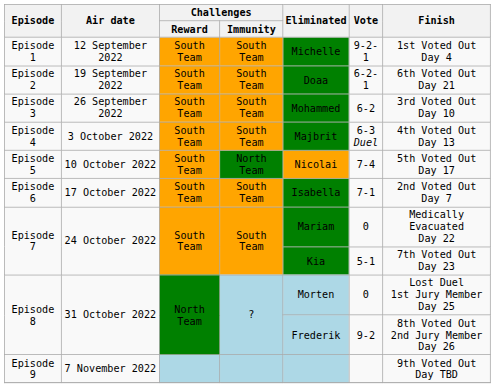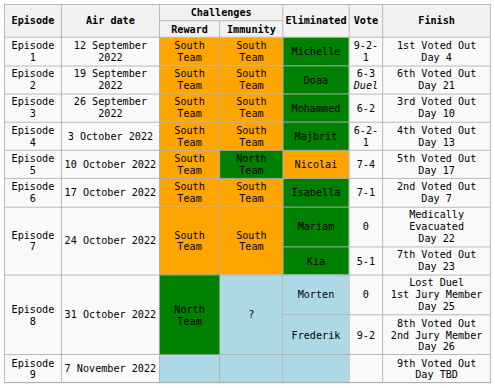 <table class="wikitable" style="margin:auto; text-align:center">
 <tr>
 <th rowspan="2">Episode</th>
 <th rowspan="2">Air date</th>
 <th colspan="2">Challenges</th>
 <th rowspan="2">Eliminated</th>
 <th rowspan="2">Vote</th>
 <th rowspan="2">Finish</th>
 </tr>
 <tr>
 <th>Reward</th>
 <th>Immunity</th>
 </tr>
 <tr>
 <td>Episode 1</td>
 <td>12 September 2022</td>
 <td bgcolor="orange">South Team</td>
 <td bgcolor="orange">South Team</td>
 <td bgcolor="green">Michelle</td>
 <td>9-2-1</td>
 <td>1st Voted Out<br>Day 4</td>
 </tr>
 <tr>
 <td>Episode 2</td>
 <td>19 September 2022</td>
 <td bgcolor="orange">South Team</td>
 <td bgcolor="orange">South Team</td>
 <td bgcolor="green">Doaa</td>
-<td>6-2-1</td>
+<td>6-3<br><em>Duel</em></td>
 <td>6th Voted Out<br>Day 21</td>
 </tr>
 <tr>
 <td>Episode 3</td>
 <td>26 September 2022</td>
 <td bgcolor="orange">South Team</td>
 <td bgcolor="orange">South Team</td>
 <td bgcolor="green">Mohammed</td>
 <td>6-2</td>
 <td>3rd Voted Out<br>Day 10</td>
 </tr>
 <tr>
 <td>Episode 4</td>
 <td>3 October 2022</td>
 <td bgcolor="orange">South Team</td>
 <td bgcolor="orange">South Team</td>
 <td bgcolor="green">Majbrit</td>
-<td>6-3<br><em>Duel</em></td>
+<td>6-2-1</td>
 <td>4th Voted Out<br>Day 13</td>
 </tr>
 <tr>
 <td>Episode 5</td>
 <td>10 October 2022</td>
 <td bgcolor="orange">South Team</td>
 <td bgcolor="green">North Team</td>
 <td bgcolor="orange">Nicolai</td>
 <td>7-4</td>
 <td>5th Voted Out<br>Day 17</td>
 </tr>
 <tr>
 <td>Episode 6</td>
 <td>17 October 2022</td>
 <td bgcolor="orange">South Team</td>
 <td bgcolor="orange">South Team</td>
 <td bgcolor="green">Isabella</td>
 <td>7-1</td>
 <td>2nd Voted Out<br>Day 7</td>
 </tr>
 <tr>
 <td rowspan="2">Episode 7</td>
 <td rowspan="2">24 October 2022</td>
 <td rowspan="2" bgcolor="orange">South Team</td>
 <td rowspan="2" bgcolor="orange">South Team</td>
 <td rowspan="1" bgcolor="green">Mariam</td>
 <td rowspan="1">0</td>
 <td rowspan="1">Medically Evacuated<br>Day 22</td>
 </tr>
 <tr>
 <td rowspan="1" bgcolor="green">Kia</td>
 <td rowspan="1">5-1</td>
 <td rowspan="1">7th Voted Out<br>Day 23</td>
 </tr>
 <tr>
 <td rowspan="2">Episode 8</td>
 <td rowspan="2">31 October 2022</td>
 <td rowspan="2" bgcolor="green">North Team</td>
 <td rowspan="2" bgcolor="lightblue">?</td>
 <td rowspan="1" bgcolor="lightblue">Morten</td>
 <td rowspan="1">0</td>
 <td rowspan="1">Lost Duel<br>1st Jury Member<br>Day 25</td>
 </tr>
 <tr>
 <td rowspan="1" bgcolor="lightblue">Frederik</td>
 <td rowspan="1">9-2</td>
 <td rowspan="1">8th Voted Out<br>2nd Jury Member<br>Day 26</td>
 </tr>
 <tr>
 <td>Episode 9</td>
 <td>7 November 2022</td>
 <td bgcolor="lightblue"></td>
 <td bgcolor="lightblue"></td>
 <td bgcolor="lightblue"></td>
 <td></td>
 <td>9th Voted Out<br>Day TBD</td>
 </tr>
 <tr>
 </tr>
 </table>
